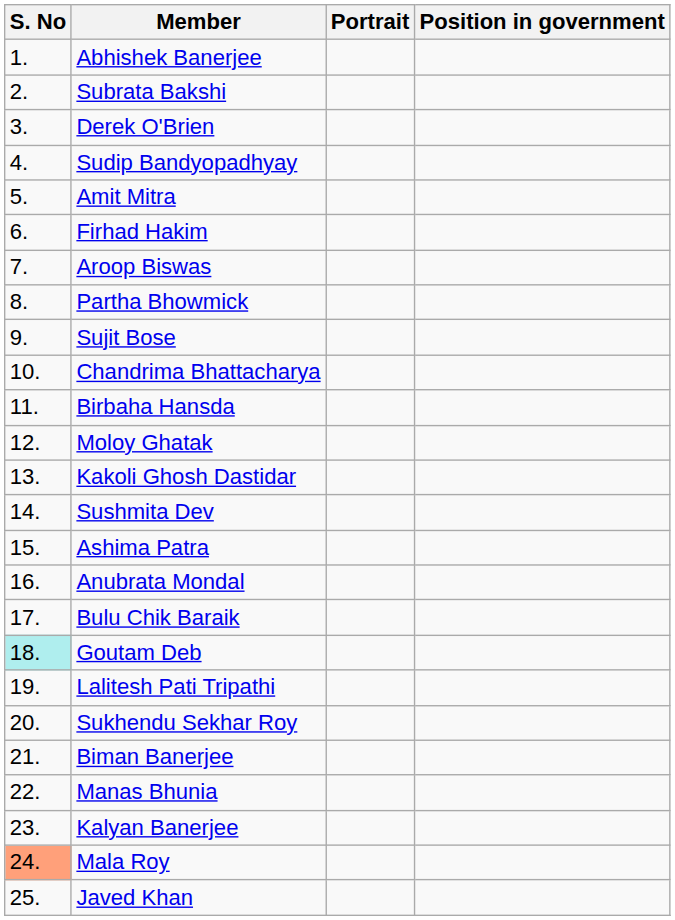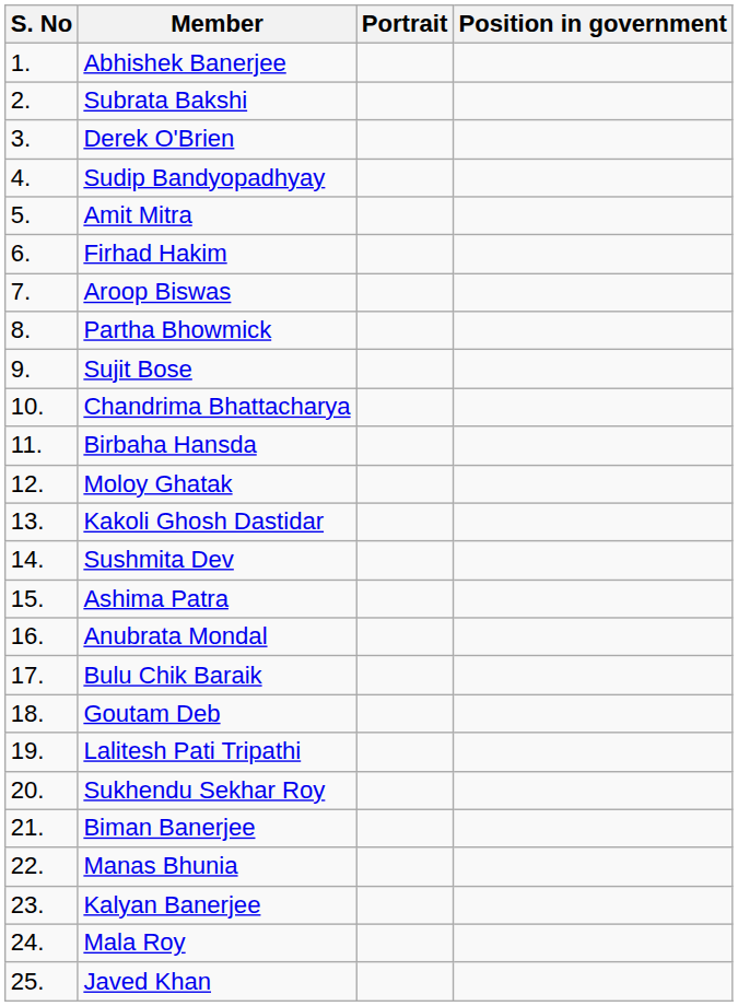 <table class="sortable wikitable">
 <tr>
 <th>S. No</th>
 <th>Member</th>
 <th>Portrait</th>
 <th>Position in government</th>
 </tr>
 <tr>
 <td>1.</td>
 <td><a href='#'>Abhishek Banerjee</a></td>
 <td></td>
 <td></td>
 </tr>
 <tr>
 <td>2.</td>
 <td><a href='#'>Subrata Bakshi</a></td>
 <td></td>
 <td></td>
 </tr>
 <tr>
 <td>3.</td>
 <td><a href='#'>Derek O'Brien</a></td>
 <td></td>
 <td></td>
 </tr>
 <tr>
 <td>4.</td>
 <td><a href='#'>Sudip Bandyopadhyay</a></td>
 <td></td>
 <td></td>
 </tr>
 <tr>
 <td>5.</td>
 <td><a href='#'>Amit Mitra</a></td>
 <td></td>
 <td></td>
 </tr>
 <tr>
 <td>6.</td>
 <td><a href='#'>Firhad Hakim</a></td>
 <td></td>
 <td></td>
 </tr>
 <tr>
 <td>7.</td>
 <td><a href='#'>Aroop Biswas</a></td>
 <td></td>
 <td></td>
 </tr>
 <tr>
 <td>8.</td>
 <td><a href='#'>Partha Bhowmick</a></td>
 <td></td>
 <td></td>
 </tr>
 <tr>
 <td>9.</td>
 <td><a href='#'>Sujit Bose</a></td>
 <td></td>
 <td></td>
 </tr>
 <tr>
 <td>10.</td>
 <td><a href='#'>Chandrima Bhattacharya</a></td>
 <td></td>
 <td></td>
 </tr>
 <tr>
 <td>11.</td>
 <td><a href='#'>Birbaha Hansda</a></td>
 <td></td>
 <td></td>
 </tr>
 <tr>
 <td>12.</td>
 <td><a href='#'>Moloy Ghatak</a></td>
 <td></td>
 <td></td>
 </tr>
 <tr>
 <td>13.</td>
 <td><a href='#'>Kakoli Ghosh Dastidar</a></td>
 <td></td>
 <td></td>
 </tr>
 <tr>
 <td>14.</td>
 <td><a href='#'>Sushmita Dev</a></td>
 <td></td>
 <td></td>
 </tr>
 <tr>
 <td>15.</td>
 <td><a href='#'>Ashima Patra</a></td>
 <td></td>
 <td></td>
 </tr>
 <tr>
 <td>16.</td>
 <td><a href='#'>Anubrata Mondal</a></td>
 <td></td>
 <td></td>
 </tr>
 <tr>
 <td>17.</td>
 <td><a href='#'>Bulu Chik Baraik</a></td>
 <td></td>
 <td></td>
 </tr>
 <tr>
-<td style="background: paleturquoise;">18.</td>
+<td>18.</td>
 <td><a href='#'>Goutam Deb</a></td>
 <td></td>
 <td></td>
 </tr>
 <tr>
 <td>19.</td>
 <td><a href='#'>Lalitesh Pati Tripathi</a></td>
 <td></td>
 <td></td>
 </tr>
 <tr>
 <td>20.</td>
 <td><a href='#'>Sukhendu Sekhar Roy</a></td>
 <td></td>
 <td></td>
 </tr>
 <tr>
 <td>21.</td>
 <td><a href='#'>Biman Banerjee</a></td>
 <td></td>
 <td></td>
 </tr>
 <tr>
 <td>22.</td>
 <td><a href='#'>Manas Bhunia</a></td>
 <td></td>
 <td></td>
 </tr>
 <tr>
 <td>23.</td>
 <td><a href='#'>Kalyan Banerjee</a></td>
 <td></td>
 <td></td>
 </tr>
 <tr>
-<td style="background: lightsalmon;">24.</td>
+<td>24.</td>
 <td><a href='#'>Mala Roy</a></td>
 <td></td>
 <td></td>
 </tr>
 <tr>
 <td>25.</td>
 <td><a href='#'>Javed Khan</a></td>
 <td></td>
 <td></td>
 </tr>
 <tr>
 </tr>
 </table>
